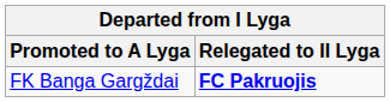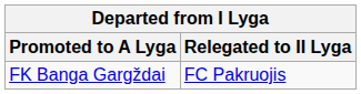 <table class="wikitable">
 <tr>
 <th colspan=2>Departed from I Lyga</th>
 </tr>
 <tr>
 <th> Promoted to A Lyga</th>
 <th> Relegated to II Lyga</th>
 </tr>
 <tr>
 <td><a href='#'>FK Banga Gargždai</a></td>
-<td><strong><a href='#'>FC Pakruojis</a></strong></td>
+<td><a href='#'>FC Pakruojis</a></td>
 </tr>
 </table>
